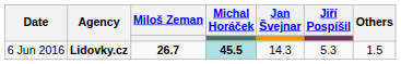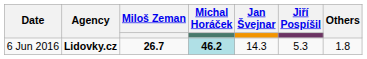 <table class="wikitable collapsible collapsed" style=text-align:center>
 <tr>
 <th rowspan="2">Date</th>
 <th rowspan="2">Agency</th>
 <th><a href='#'>Miloš Zeman</a></th>
 <th><a href='#'>Michal Horáček</a></th>
 <th><a href='#'>Jan Švejnar</a></th>
 <th><a href='#'>Jiří Pospíšil</a></th>
 <th rowspan="2">Others</th>
 </tr>
 <tr>
 <th style="background:"></th>
 <th style="background:#49796B; width:40px;"></th>
 <th style="background:#F29400; width:40px;"></th>
 <th style="background:#6b3362; width:40px;"></th>
 </tr>
 <tr>
 <td>6 Jun 2016</td>
 <td><strong>Lidovky.cz</strong></td>
 <td><strong>26.7</strong></td>
-<td style="background:#B0E0E6;"><strong>45.5</strong></td>
+<td style="background:#B0E0E6;"><strong>46.2</strong></td>
 <td>14.3</td>
 <td>5.3</td>
-<td>1.5</td>
+<td>1.8</td>
 </tr>
 </table>
